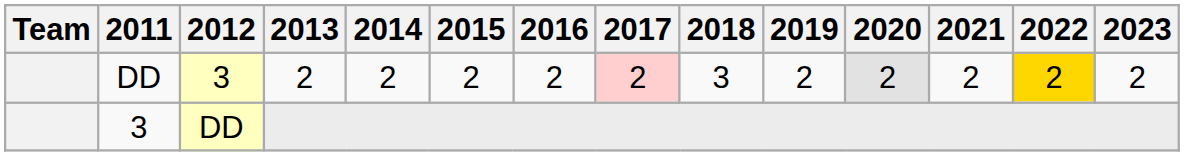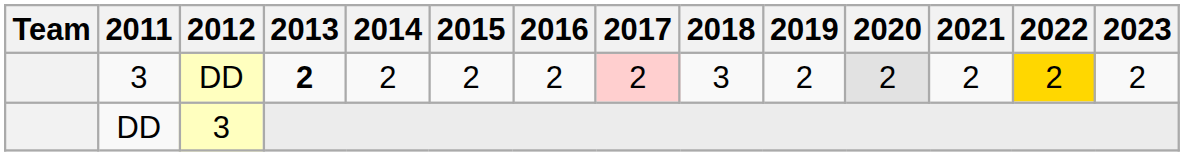 <table class="wikitable" style="font-size:85%; text-align: center;">
 <tr>
 <th scope="col">Team</th>
 <th scope="col">2011</th>
 <th scope="col">2012</th>
 <th scope="col">2013</th>
 <th scope="col">2014</th>
 <th scope="col">2015</th>
 <th scope="col">2016</th>
 <th scope="col">2017</th>
 <th scope="col">2018</th>
 <th scope="col">2019</th>
 <th scope="col">2020</th>
 <th scope="col">2021</th>
 <th scope="col">2022</th>
 <th scope="col">2023</th>
 </tr>
 <tr>
 <th scope="row"></th>
-<td>DD</td>
-<td bgcolor="#ffffbf">3</td>
-<td>2</td>
+<td>3</td>
+<td bgcolor="#ffffbf">DD</td>
+<td><strong>2</strong></td>
 <td>2</td>
 <td>2</td>
 <td>2</td>
 <td bgcolor="#ffcfcf">2</td>
 <td>3</td>
 <td>2</td>
 <td bgcolor="#e2e2e2">2</td>
 <td>2</td>
 <td style="background: gold;">2</td>
 <td>2</td>
 </tr>
 <tr>
 <th scope="row"></th>
-<td>3</td>
-<td bgcolor="#ffffbf">DD</td>
+<td>DD</td>
+<td bgcolor="#ffffbf">3</td>
 <td bgcolor="#ececec" colspan="11"></td>
 </tr>
 </table>
